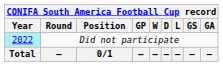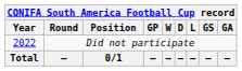 <table class="wikitable" style="text-align: center;">
 <tr>
 <th colspan=9><a href='#'>CONIFA South America Football Cup</a> record</th>
 </tr>
 <tr>
 <th>Year</th>
 <th>Round</th>
 <th>Position</th>
 <th>GP</th>
 <th>W</th>
 <th>D</th>
 <th>L</th>
 <th>GS</th>
 <th>GA</th>
 </tr>
 <tr>
-<td style="background: paleturquoise;"> <a href='#'>2022</a></td>
+<td> <a href='#'>2022</a></td>
 <td colspan=8><em>Did not participate</em></td>
 </tr>
 <tr>
 <th><strong>Total</strong></th>
 <th>–</th>
 <th>0/1</th>
 <th>–</th>
 <th>–</th>
 <th>–</th>
 <th>–</th>
 <th>–</th>
 <th>–</th>
 </tr>
 </table>
